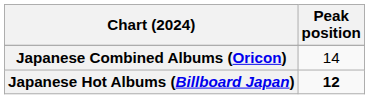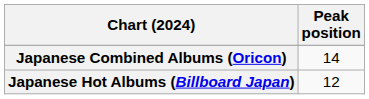 <table class="wikitable sortable plainrowheaders" style="text-align:center">
 <tr>
 <th scope="col">Chart (2024)</th>
 <th scope="col">Peak<br>position</th>
 </tr>
 <tr>
 </tr>
 <tr>
 <th scope="row">Japanese Combined Albums (<a href='#'>Oricon</a>)</th>
 <td>14</td>
 </tr>
 <tr>
 <th scope="row">Japanese Hot Albums (<em><a href='#'>Billboard Japan</a></em>)</th>
-<td><strong>12</strong></td>
+<td>12</td>
 </tr>
 </table>
